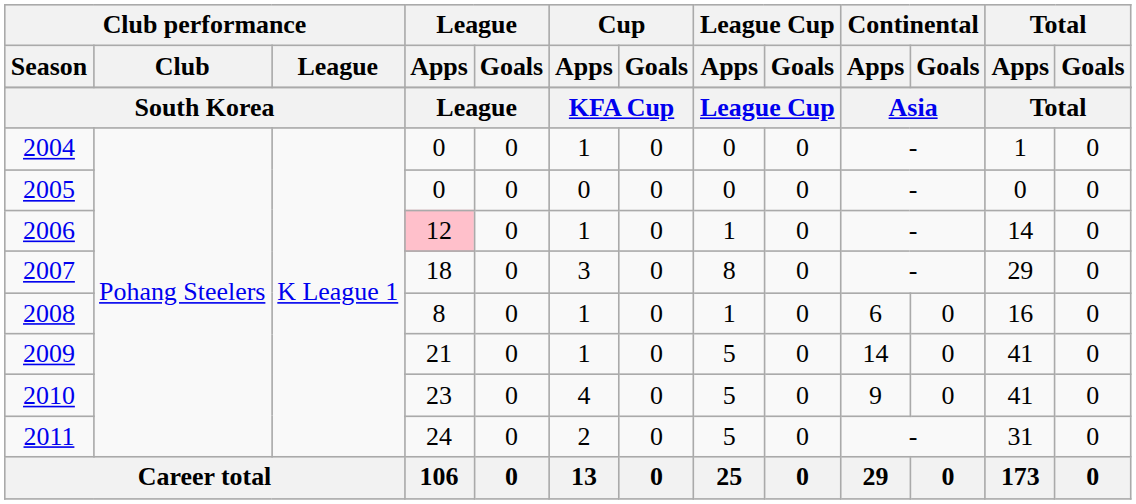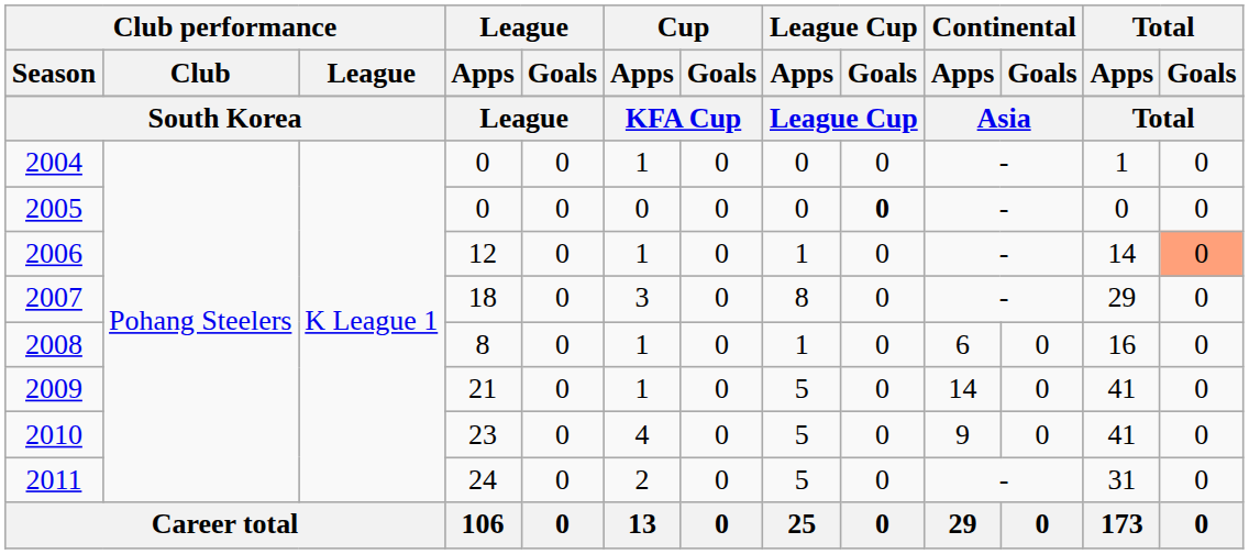 <table class="wikitable" style="text-align:center">
 <tr>
 <th colspan=3>Club performance</th>
 <th colspan=2>League</th>
 <th colspan=2>Cup</th>
 <th colspan=2>League Cup</th>
 <th colspan=2>Continental</th>
 <th colspan=2>Total</th>
 </tr>
 <tr>
 <th>Season</th>
 <th>Club</th>
 <th>League</th>
 <th>Apps</th>
 <th>Goals</th>
 <th>Apps</th>
 <th>Goals</th>
 <th>Apps</th>
 <th>Goals</th>
 <th>Apps</th>
 <th>Goals</th>
 <th>Apps</th>
 <th>Goals</th>
 </tr>
 <tr>
 </tr>
 <tr>
 <th colspan=3>South Korea</th>
 <th colspan=2>League</th>
 <th colspan=2><a href='#'>KFA Cup</a></th>
 <th colspan=2><a href='#'>League Cup</a></th>
 <th colspan=2><a href='#'>Asia</a></th>
 <th colspan=2>Total</th>
 </tr>
 <tr>
 <td><a href='#'>2004</a></td>
 <td rowspan="8"><a href='#'>Pohang Steelers</a></td>
 <td rowspan="8"><a href='#'>K League 1</a></td>
 <td>0</td>
 <td>0</td>
 <td>1</td>
 <td>0</td>
 <td>0</td>
 <td>0</td>
 <td colspan="2">-</td>
 <td>1</td>
 <td>0</td>
 </tr>
 <tr>
 <td><a href='#'>2005</a></td>
 <td>0</td>
 <td>0</td>
 <td>0</td>
 <td>0</td>
 <td>0</td>
-<td>0</td>
+<td><strong>0</strong></td>
 <td colspan="2">-</td>
 <td>0</td>
 <td>0</td>
 </tr>
 <tr>
 <td><a href='#'>2006</a></td>
-<td style="background: pink;">12</td>
+<td>12</td>
 <td>0</td>
 <td>1</td>
 <td>0</td>
 <td>1</td>
 <td>0</td>
 <td colspan="2">-</td>
 <td>14</td>
-<td>0</td>
+<td style="background: lightsalmon;">0</td>
 </tr>
 <tr>
 <td><a href='#'>2007</a></td>
 <td>18</td>
 <td>0</td>
 <td>3</td>
 <td>0</td>
 <td>8</td>
 <td>0</td>
 <td colspan="2">-</td>
 <td>29</td>
 <td>0</td>
 </tr>
 <tr>
 <td><a href='#'>2008</a></td>
 <td>8</td>
 <td>0</td>
 <td>1</td>
 <td>0</td>
 <td>1</td>
 <td>0</td>
 <td>6</td>
 <td>0</td>
 <td>16</td>
 <td>0</td>
 </tr>
 <tr>
 <td><a href='#'>2009</a></td>
 <td>21</td>
 <td>0</td>
 <td>1</td>
 <td>0</td>
 <td>5</td>
 <td>0</td>
 <td>14</td>
 <td>0</td>
 <td>41</td>
 <td>0</td>
 </tr>
 <tr>
 <td><a href='#'>2010</a></td>
 <td>23</td>
 <td>0</td>
 <td>4</td>
 <td>0</td>
 <td>5</td>
 <td>0</td>
 <td>9</td>
 <td>0</td>
 <td>41</td>
 <td>0</td>
 </tr>
 <tr>
 <td><a href='#'>2011</a></td>
 <td>24</td>
 <td>0</td>
 <td>2</td>
 <td>0</td>
 <td>5</td>
 <td>0</td>
 <td colspan="2">-</td>
 <td>31</td>
 <td>0</td>
 </tr>
 <tr>
 <th colspan=3>Career total</th>
 <th>106</th>
 <th>0</th>
 <th>13</th>
 <th>0</th>
 <th>25</th>
 <th>0</th>
 <th>29</th>
 <th>0</th>
 <th>173</th>
 <th>0</th>
 </tr>
 </table>
